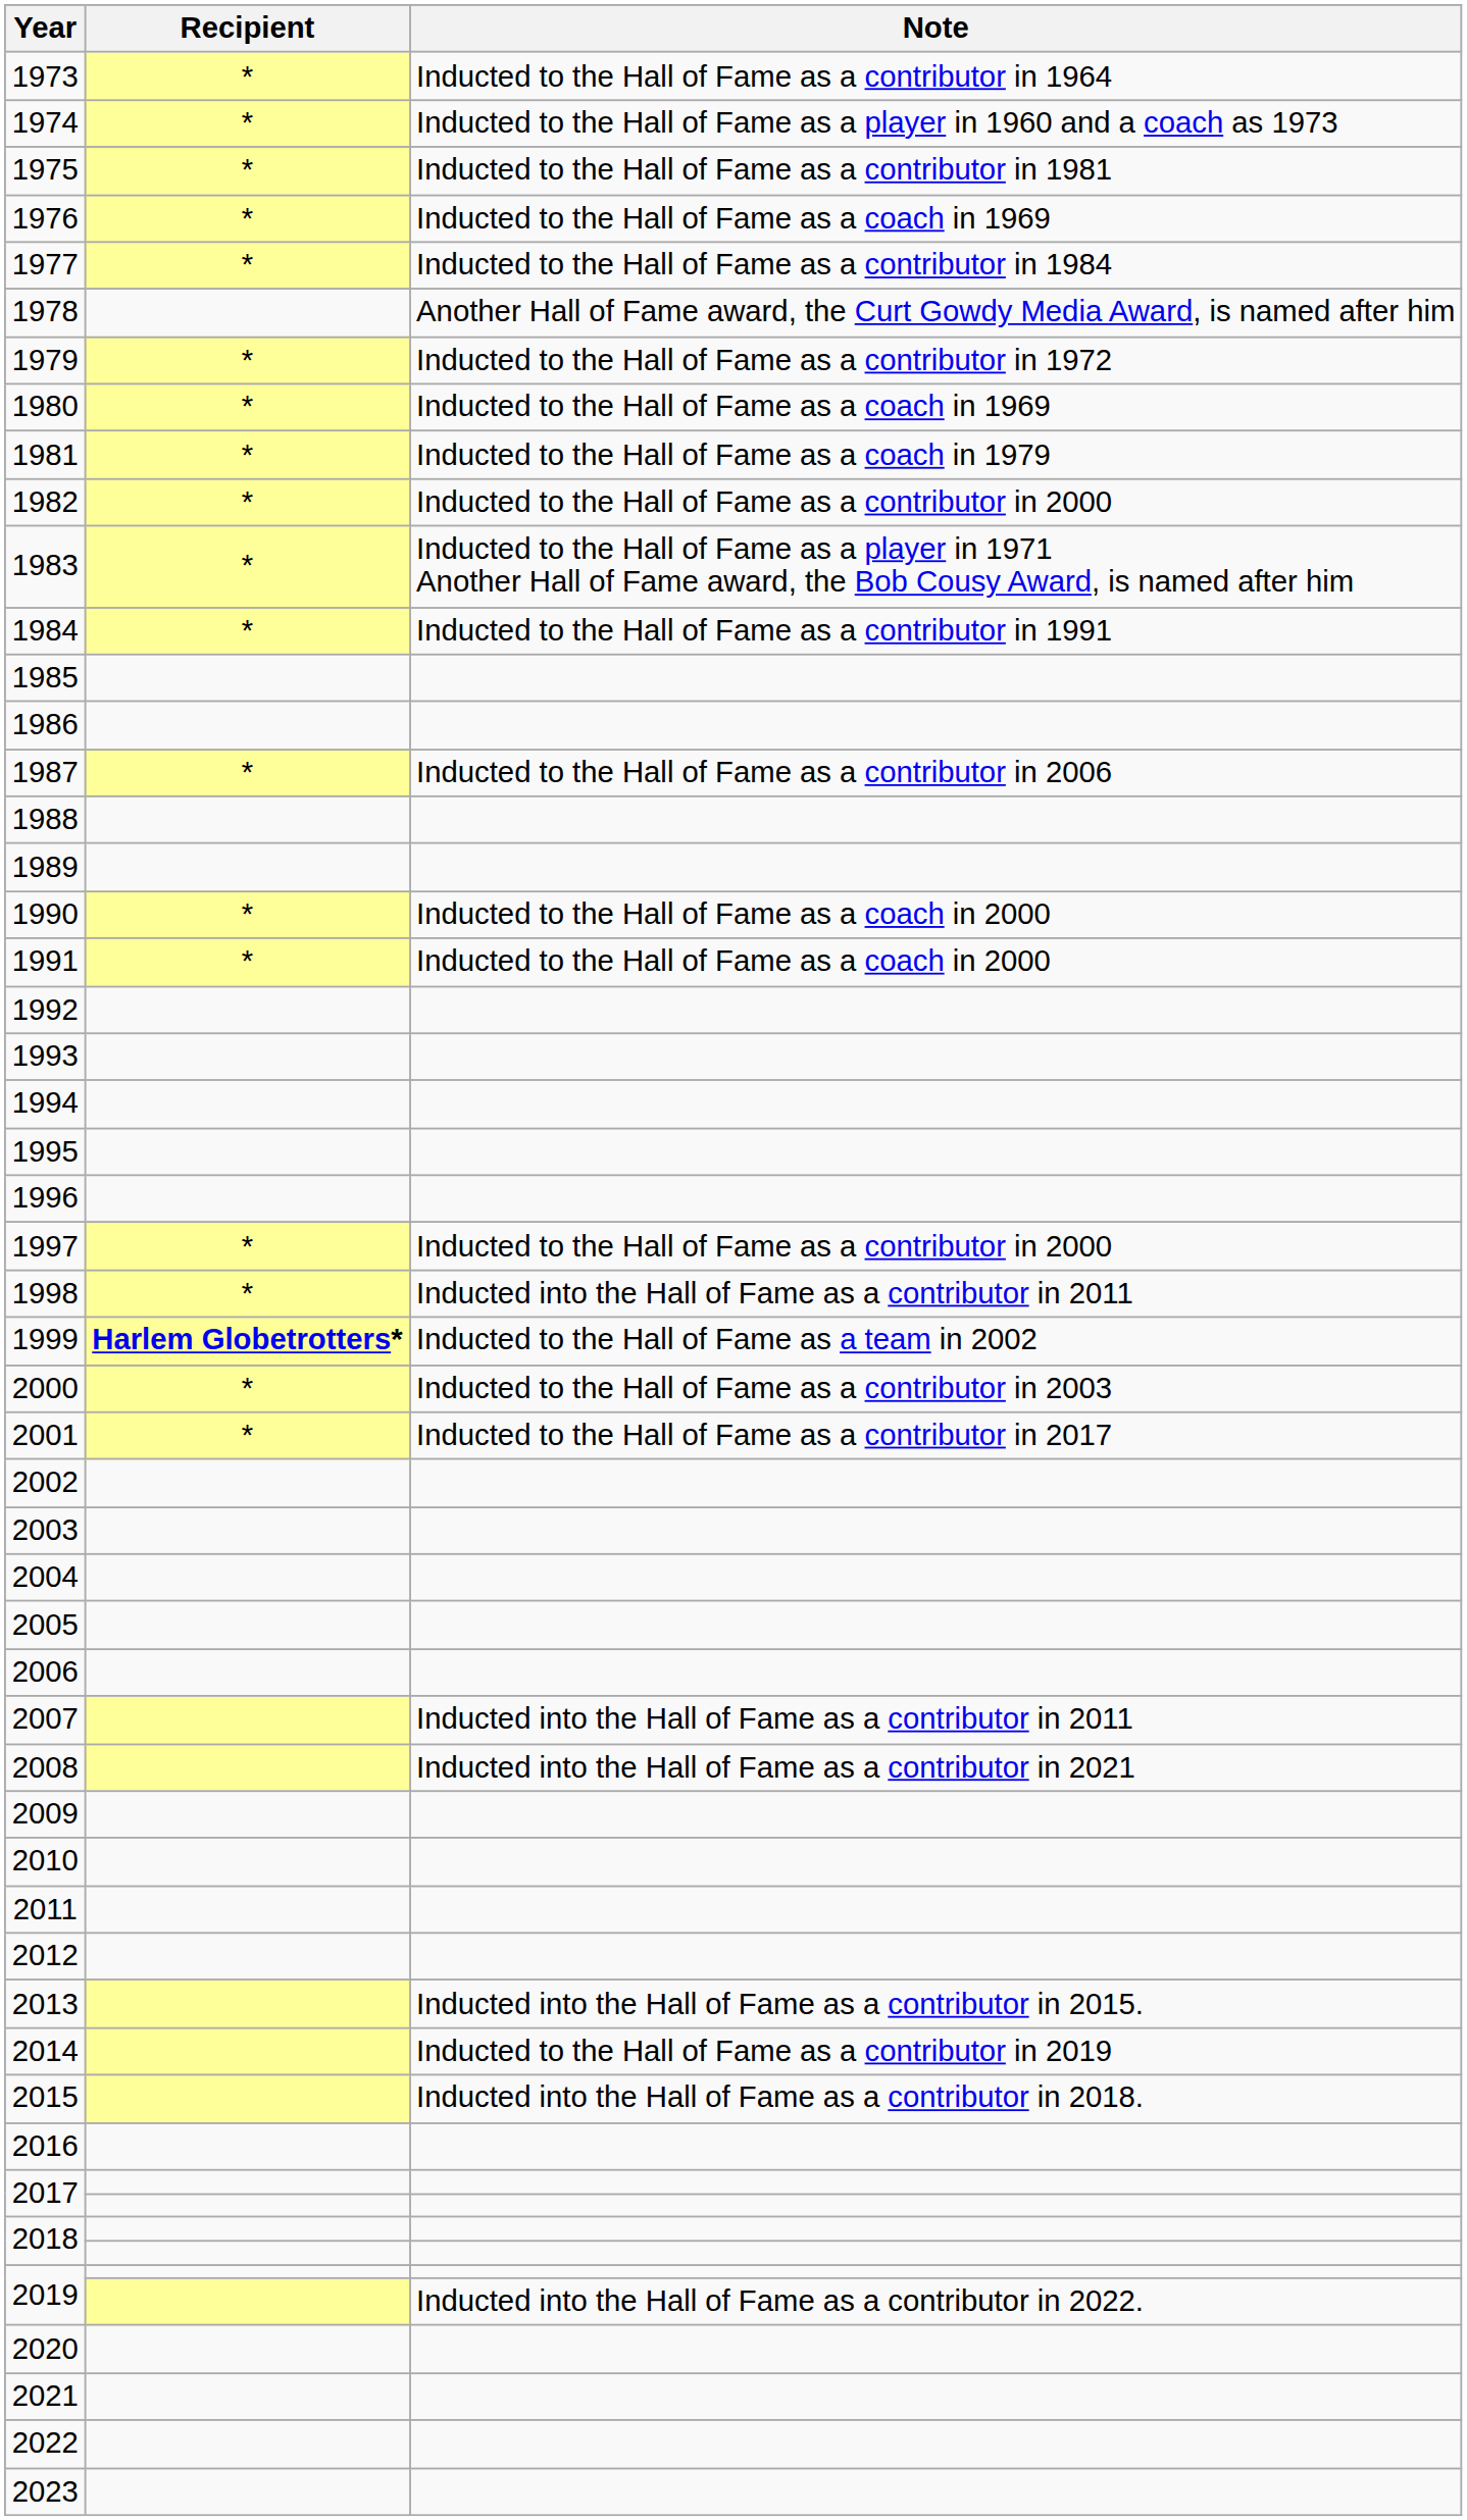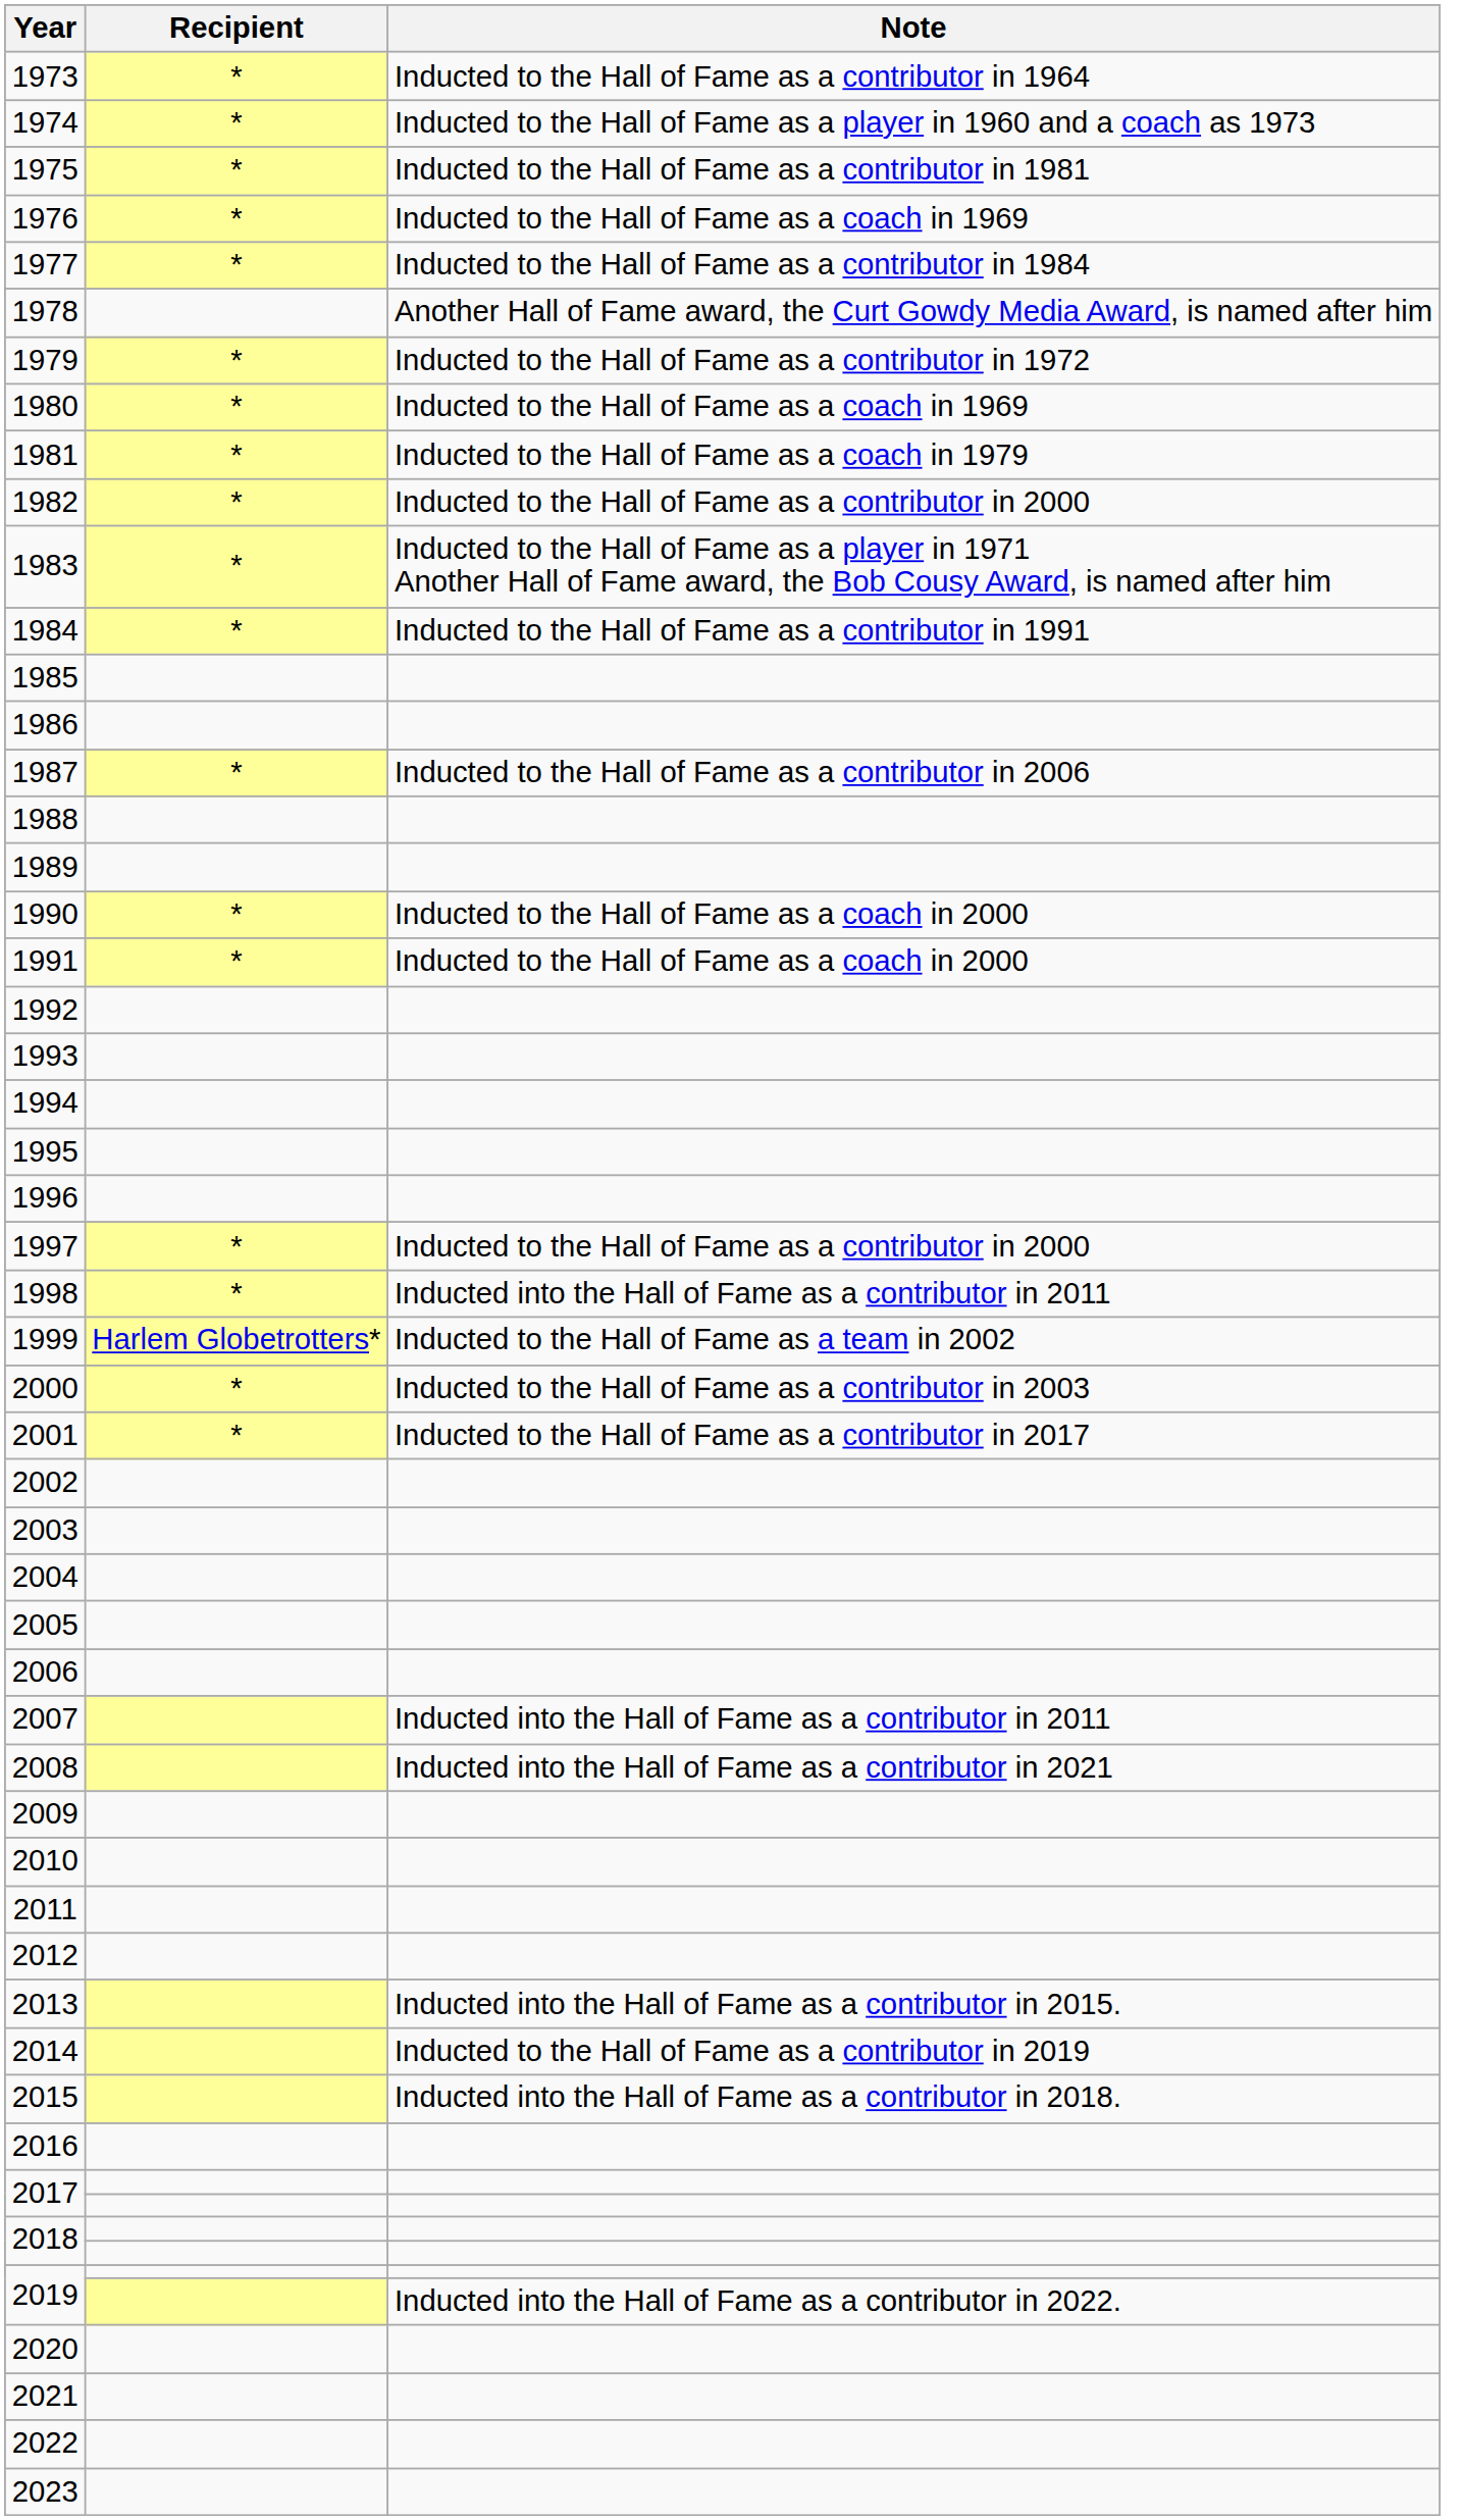 <table class="wikitable sortable">
 <tr>
 <th>Year</th>
 <th>Recipient</th>
 <th class=unsortable>Note</th>
 </tr>
 <tr>
 <td align="center">1973</td>
 <td align="center" bgcolor="#FFFF99">*</td>
 <td>Inducted to the Hall of Fame as a <a href='#'>contributor</a> in 1964</td>
 </tr>
 <tr>
 <td align="center">1974</td>
 <td align="center" bgcolor="#FFFF99">*</td>
 <td>Inducted to the Hall of Fame as a <a href='#'>player</a> in 1960 and a <a href='#'>coach</a> as 1973</td>
 </tr>
 <tr>
 <td align="center">1975</td>
 <td align="center" bgcolor="#FFFF99">*</td>
 <td>Inducted to the Hall of Fame as a <a href='#'>contributor</a> in 1981</td>
 </tr>
 <tr>
 <td align="center">1976</td>
 <td align="center" bgcolor="#FFFF99">*</td>
 <td>Inducted to the Hall of Fame as a <a href='#'>coach</a> in 1969</td>
 </tr>
 <tr>
 <td align="center">1977</td>
 <td align="center" bgcolor="#FFFF99">*</td>
 <td>Inducted to the Hall of Fame as a <a href='#'>contributor</a> in 1984</td>
 </tr>
 <tr>
 <td align="center">1978</td>
 <td align="center"></td>
 <td>Another Hall of Fame award, the <a href='#'>Curt Gowdy Media Award</a>, is named after him</td>
 </tr>
 <tr>
 <td align="center">1979</td>
 <td align="center" bgcolor="#FFFF99">*</td>
 <td>Inducted to the Hall of Fame as a <a href='#'>contributor</a> in 1972</td>
 </tr>
 <tr>
 <td align="center">1980</td>
 <td align="center" bgcolor="#FFFF99">*</td>
 <td>Inducted to the Hall of Fame as a <a href='#'>coach</a> in 1969</td>
 </tr>
 <tr>
 <td align="center">1981</td>
 <td align="center" bgcolor="#FFFF99">*</td>
 <td>Inducted to the Hall of Fame as a <a href='#'>coach</a> in 1979</td>
 </tr>
 <tr>
 <td align="center">1982</td>
 <td align="center" bgcolor="#FFFF99">*</td>
 <td>Inducted to the Hall of Fame as a <a href='#'>contributor</a> in 2000</td>
 </tr>
 <tr>
 <td align="center">1983</td>
 <td align="center" bgcolor="#FFFF99">*</td>
 <td>Inducted to the Hall of Fame as a <a href='#'>player</a> in 1971<br>Another Hall of Fame award, the <a href='#'>Bob Cousy Award</a>, is named after him</td>
 </tr>
 <tr>
 <td align="center">1984</td>
 <td align="center" bgcolor="#FFFF99">*</td>
 <td>Inducted to the Hall of Fame as a <a href='#'>contributor</a> in 1991</td>
 </tr>
 <tr>
 <td align="center">1985</td>
 <td align="center"></td>
 <td></td>
 </tr>
 <tr>
 <td align="center">1986</td>
 <td align="center"></td>
 <td></td>
 </tr>
 <tr>
 <td align="center">1987</td>
 <td align="center" bgcolor="#FFFF99">*</td>
 <td>Inducted to the Hall of Fame as a <a href='#'>contributor</a> in 2006</td>
 </tr>
 <tr>
 <td align="center">1988</td>
 <td align="center"></td>
 <td></td>
 </tr>
 <tr>
 <td align="center">1989</td>
 <td align="center"></td>
 <td></td>
 </tr>
 <tr>
 <td align="center">1990</td>
 <td align="center" bgcolor="#FFFF99">*</td>
 <td>Inducted to the Hall of Fame as a <a href='#'>coach</a> in 2000</td>
 </tr>
 <tr>
 <td align="center">1991</td>
 <td align="center" bgcolor="#FFFF99">*</td>
 <td>Inducted to the Hall of Fame as a <a href='#'>coach</a> in 2000</td>
 </tr>
 <tr>
 <td align="center">1992</td>
 <td align="center"></td>
 <td></td>
 </tr>
 <tr>
 <td align="center">1993</td>
 <td align="center"></td>
 <td></td>
 </tr>
 <tr>
 <td align="center">1994</td>
 <td align="center"></td>
 <td></td>
 </tr>
 <tr>
 <td align="center">1995</td>
 <td align="center"></td>
 <td></td>
 </tr>
 <tr>
 <td align="center">1996</td>
 <td align="center"></td>
 <td></td>
 </tr>
 <tr>
 <td align="center">1997</td>
 <td align="center" bgcolor="#FFFF99">*</td>
 <td>Inducted to the Hall of Fame as a <a href='#'>contributor</a> in 2000</td>
 </tr>
 <tr>
 <td align="center">1998</td>
 <td align="center" bgcolor="#FFFF99">*</td>
 <td>Inducted into the Hall of Fame as a <a href='#'>contributor</a> in 2011</td>
 </tr>
 <tr>
 <td align="center">1999</td>
-<td align="center" bgcolor="#FFFF99"><strong><a href='#'>Harlem Globetrotters</a>*</strong></td>
+<td align="center" bgcolor="#FFFF99"><a href='#'>Harlem Globetrotters</a>*</td>
 <td>Inducted to the Hall of Fame as <a href='#'>a team</a> in 2002</td>
 </tr>
 <tr>
 <td align="center">2000</td>
 <td align="center" bgcolor="#FFFF99">*</td>
 <td>Inducted to the Hall of Fame as a <a href='#'>contributor</a> in 2003</td>
 </tr>
 <tr>
 <td align="center">2001</td>
 <td align="center" bgcolor="#FFFF99">*</td>
 <td>Inducted to the Hall of Fame as a <a href='#'>contributor</a> in 2017</td>
 </tr>
 <tr>
 <td align="center">2002</td>
 <td align="center"></td>
 <td></td>
 </tr>
 <tr>
 <td align="center">2003</td>
 <td align="center"></td>
 <td></td>
 </tr>
 <tr>
 <td align="center">2004</td>
 <td align="center"></td>
 <td></td>
 </tr>
 <tr>
 <td align="center">2005</td>
 <td align="center"></td>
 <td></td>
 </tr>
 <tr>
 <td align="center">2006</td>
 <td align="center"></td>
 <td></td>
 </tr>
 <tr>
 <td align="center">2007</td>
 <td align="center" bgcolor="#FFFF99"></td>
 <td>Inducted into the Hall of Fame as a <a href='#'>contributor</a> in 2011</td>
 </tr>
 <tr>
 <td align="center">2008</td>
 <td align="center" bgcolor="#FFFF99"></td>
 <td>Inducted into the Hall of Fame as a <a href='#'>contributor</a> in 2021</td>
 </tr>
 <tr>
 <td align="center">2009</td>
 <td align="center"></td>
 <td></td>
 </tr>
 <tr>
 <td align="center">2010</td>
 <td align="center"></td>
 <td></td>
 </tr>
 <tr>
 <td align="center">2011</td>
 <td align="center"></td>
 <td></td>
 </tr>
 <tr>
 <td align="center">2012</td>
 <td align="center"></td>
 <td></td>
 </tr>
 <tr>
 <td align="center">2013</td>
 <td align="center" bgcolor="#FFFF99"></td>
 <td>Inducted into the Hall of Fame as a <a href='#'>contributor</a> in 2015.</td>
 </tr>
 <tr>
 <td align="center">2014</td>
 <td align="center" bgcolor="#FFFF99"></td>
 <td>Inducted to the Hall of Fame as a <a href='#'>contributor</a> in 2019</td>
 </tr>
 <tr>
 <td align="center">2015</td>
 <td align="center" bgcolor="#FFFF99"></td>
 <td>Inducted into the Hall of Fame as a <a href='#'>contributor</a> in 2018.</td>
 </tr>
 <tr>
 <td align="center">2016</td>
 <td align="center"></td>
 <td></td>
 </tr>
 <tr>
 <td rowspan=2 align=center>2017</td>
 <td align="center"></td>
 <td></td>
 </tr>
 <tr>
 <td align="center"></td>
 <td></td>
 </tr>
 <tr>
 <td rowspan=2 align=center>2018</td>
 <td align="center"></td>
 <td></td>
 </tr>
 <tr>
 <td align="center"></td>
 <td></td>
 </tr>
 <tr>
 <td rowspan=2 align=center>2019</td>
 <td align="center"></td>
 <td></td>
 </tr>
 <tr>
 <td align="center" bgcolor="#FFFF99"></td>
 <td>Inducted into the Hall of Fame as a contributor in 2022.</td>
 </tr>
 <tr>
 <td align="center">2020</td>
 <td align="center"></td>
 <td></td>
 </tr>
 <tr>
 <td align="center">2021</td>
 <td align="center"></td>
 <td></td>
 </tr>
 <tr>
 <td align="center">2022</td>
 <td align="center"></td>
 </tr>
 <tr>
 <td align="center">2023</td>
 <td align="center"></td>
 <td></td>
 </tr>
 </table>
